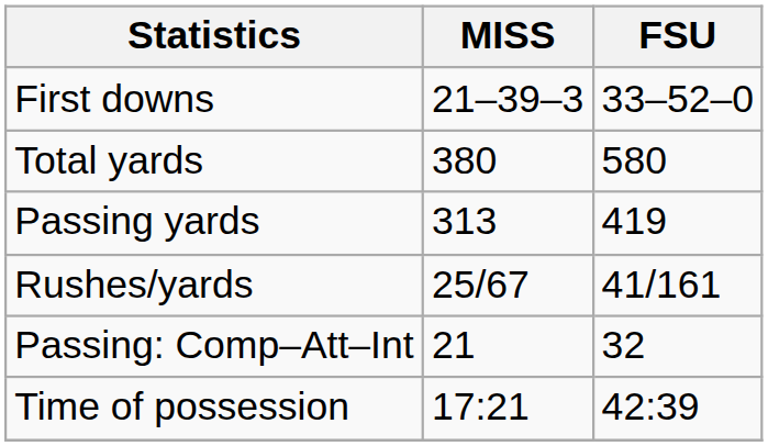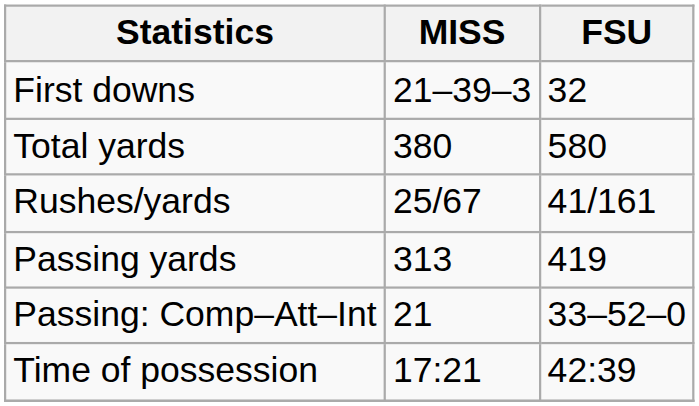 <table class="wikitable" style="float: left;">
 <tr>
 <th>Statistics</th>
 <th>MISS</th>
 <th>FSU</th>
 </tr>
 <tr>
 <td>First downs</td>
 <td>21–39–3</td>
-<td>33–52–0</td>
+<td>32</td>
 </tr>
 <tr>
 <td>Total yards</td>
 <td>380</td>
 <td>580</td>
 </tr>
 <tr>
+<td>Rushes/yards</td>
+<td>25/67</td>
+<td>41/161</td>
+</tr>
+<tr>
 <td>Passing yards</td>
 <td>313</td>
 <td>419</td>
 </tr>
 <tr>
-<td>Rushes/yards</td>
-<td>25/67</td>
-<td>41/161</td>
-</tr>
-<tr>
 <td>Passing: Comp–Att–Int</td>
 <td>21</td>
-<td>32</td>
+<td>33–52–0</td>
 </tr>
 <tr>
 <td>Time of possession</td>
 <td>17:21</td>
 <td>42:39</td>
 </tr>
 <tr>
 </tr>
 </table>
